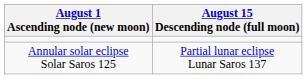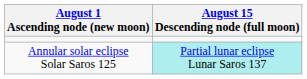 <table class="wikitable">
 <tr>
 <th><a href='#'>August 1</a><br>Ascending node (new moon)</th>
 <th><a href='#'>August 15</a><br>Descending node (full moon)</th>
 </tr>
 <tr>
 <td></td>
 <td></td>
 </tr>
 <tr align=center>
 <td><a href='#'>Annular solar eclipse</a><br>Solar Saros 125</td>
-<td><a href='#'>Partial lunar eclipse</a><br>Lunar Saros 137</td>
+<td style="background: paleturquoise;"><a href='#'>Partial lunar eclipse</a><br>Lunar Saros 137</td>
 </tr>
 </table>
